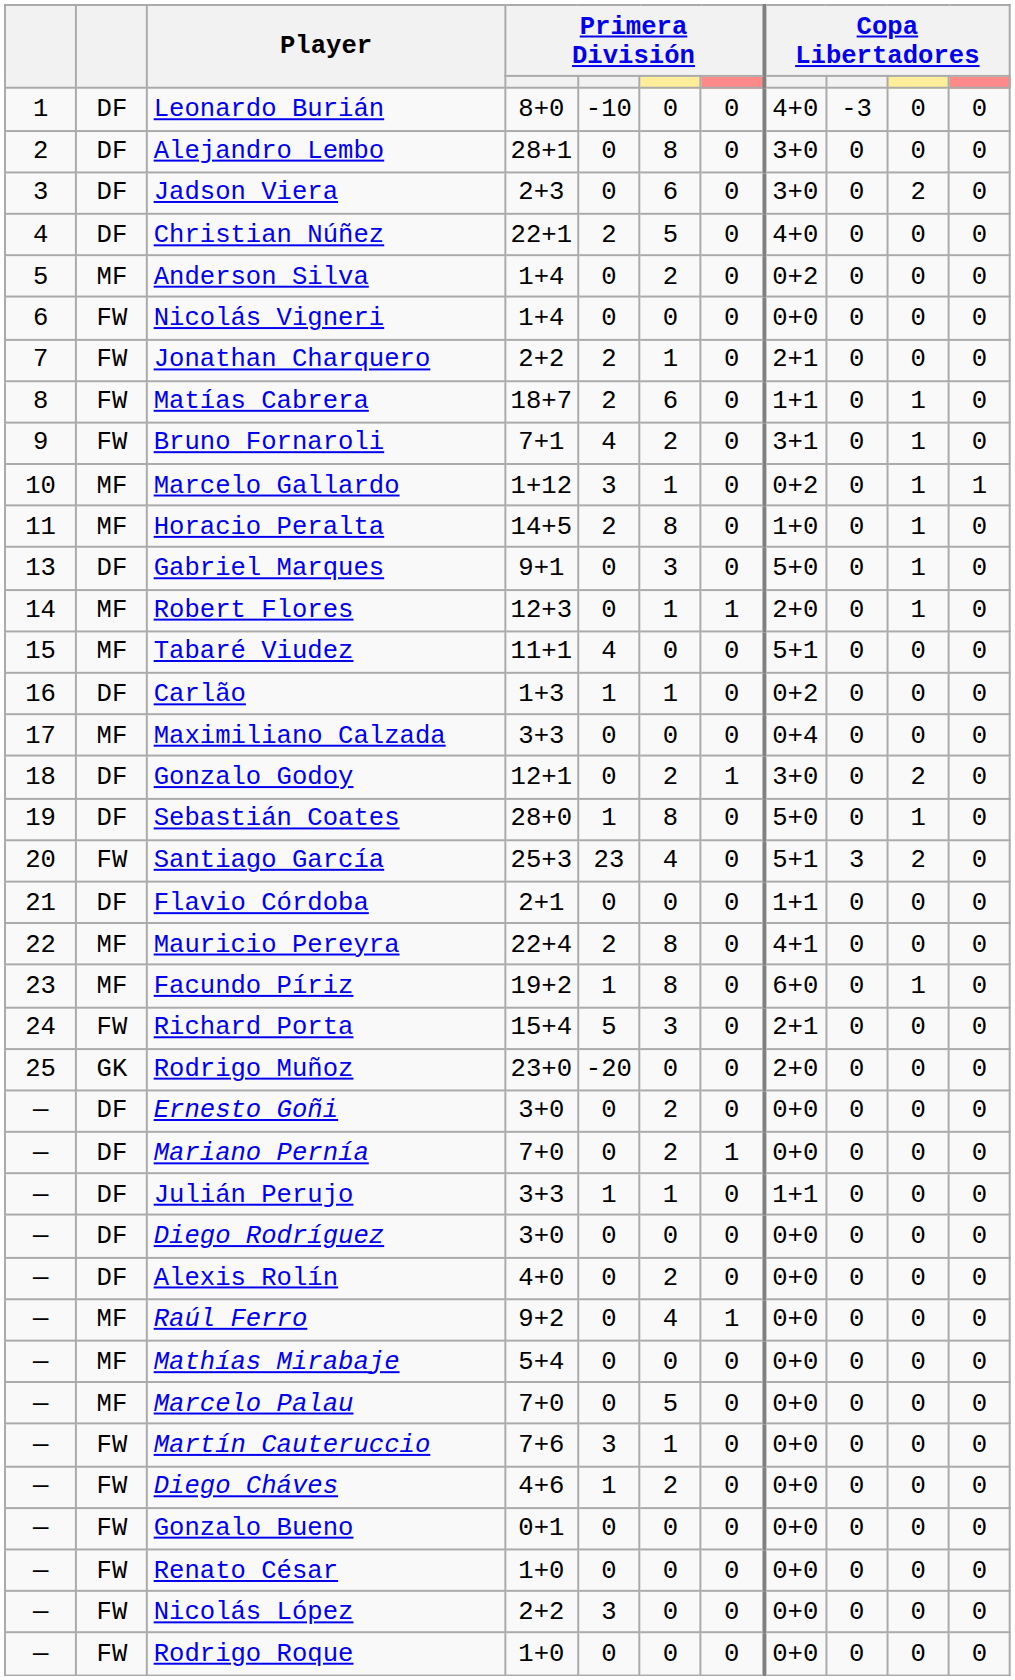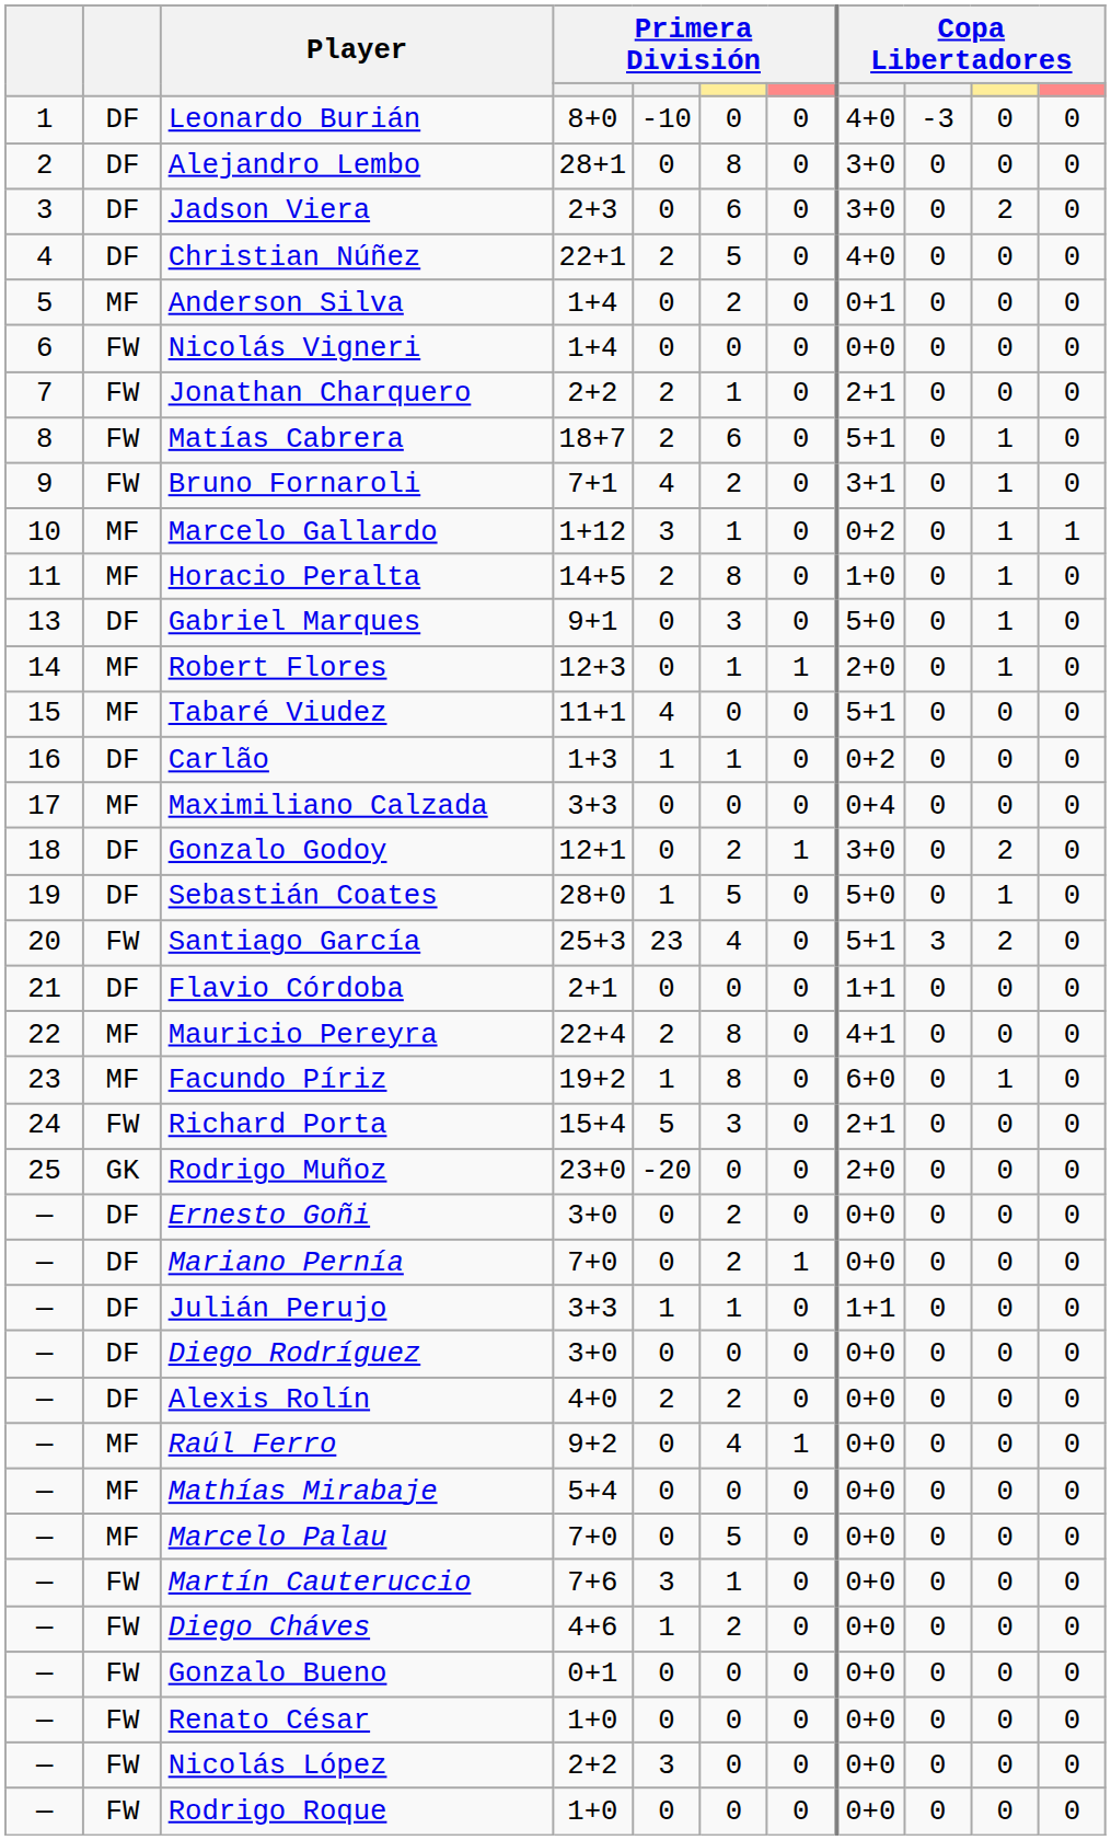 <table class="wikitable" style="text-align: center">
 <tr>
 <th rowspan="2" width=30></th>
 <th rowspan="2" width=30></th>
 <th rowspan="2" width=175>Player</th>
 <th colspan="4" style="border-right:2px solid grey;"><a href='#'>Primera<br>División</a></th>
 <th colspan="4"><a href='#'>Copa<br>Libertadores</a></th>
 </tr>
 <tr>
 <th width=25 style="background:"></th>
 <th width=25 style="background:"></th>
 <th width=25 style="background: #FFEE99"></th>
 <th width=25 style="border-right:2px solid grey; background:#FF8888"></th>
 <th width=25 style="background:"></th>
 <th width=25 style="background:"></th>
 <th width=25 style="background: #FFEE99"></th>
 <th width=25 style="background: #FF8888"></th>
 </tr>
 <tr>
 <td>1</td>
 <td>DF</td>
 <td align=left><a href='#'>Leonardo Burián</a></td>
 <td>8+0</td>
 <td>-10</td>
 <td>0</td>
 <td>0</td>
 <td style="border-left:2px solid grey">4+0</td>
 <td>-3</td>
 <td>0</td>
 <td>0</td>
 </tr>
 <tr>
 <td>2</td>
 <td>DF</td>
 <td align=left><a href='#'>Alejandro Lembo</a></td>
 <td>28+1</td>
 <td>0</td>
 <td>8</td>
 <td>0</td>
 <td style="border-left:2px solid grey">3+0</td>
 <td>0</td>
 <td>0</td>
 <td>0</td>
 </tr>
 <tr>
 <td>3</td>
 <td>DF</td>
 <td align=left><a href='#'>Jadson Viera</a></td>
 <td>2+3</td>
 <td>0</td>
 <td>6</td>
 <td>0</td>
 <td style="border-left:2px solid grey">3+0</td>
 <td>0</td>
 <td>2</td>
 <td>0</td>
 </tr>
 <tr>
 <td>4</td>
 <td>DF</td>
 <td align=left><a href='#'>Christian Núñez</a></td>
 <td>22+1</td>
 <td>2</td>
 <td>5</td>
 <td>0</td>
 <td style="border-left:2px solid grey">4+0</td>
 <td>0</td>
 <td>0</td>
 <td>0</td>
 </tr>
 <tr>
 <td>5</td>
 <td>MF</td>
 <td align=left><a href='#'>Anderson Silva</a></td>
 <td>1+4</td>
 <td>0</td>
 <td>2</td>
 <td>0</td>
-<td style="border-left:2px solid grey">0+2</td>
+<td style="border-left:2px solid grey">0+1</td>
 <td>0</td>
 <td>0</td>
 <td>0</td>
 </tr>
 <tr>
 <td>6</td>
 <td>FW</td>
 <td align=left><a href='#'>Nicolás Vigneri</a></td>
 <td>1+4</td>
 <td>0</td>
 <td>0</td>
 <td>0</td>
 <td style="border-left:2px solid grey">0+0</td>
 <td>0</td>
 <td>0</td>
 <td>0</td>
 </tr>
 <tr>
 <td>7</td>
 <td>FW</td>
 <td align=left><a href='#'>Jonathan Charquero</a></td>
 <td>2+2</td>
 <td>2</td>
 <td>1</td>
 <td>0</td>
 <td style="border-left:2px solid grey">2+1</td>
 <td>0</td>
 <td>0</td>
 <td>0</td>
 </tr>
 <tr>
 <td>8</td>
 <td>FW</td>
 <td align=left><a href='#'>Matías Cabrera</a></td>
 <td>18+7</td>
 <td>2</td>
 <td>6</td>
 <td>0</td>
-<td style="border-left:2px solid grey">1+1</td>
+<td style="border-left:2px solid grey">5+1</td>
 <td>0</td>
 <td>1</td>
 <td>0</td>
 </tr>
 <tr>
 <td>9</td>
 <td>FW</td>
 <td align=left><a href='#'>Bruno Fornaroli</a></td>
 <td>7+1</td>
 <td>4</td>
 <td>2</td>
 <td>0</td>
 <td style="border-left:2px solid grey">3+1</td>
 <td>0</td>
 <td>1</td>
 <td>0</td>
 </tr>
 <tr>
 <td>10</td>
 <td>MF</td>
 <td align=left><a href='#'>Marcelo Gallardo</a></td>
 <td>1+12</td>
 <td>3</td>
 <td>1</td>
 <td>0</td>
 <td style="border-left:2px solid grey">0+2</td>
 <td>0</td>
 <td>1</td>
 <td>1</td>
 </tr>
 <tr>
 <td>11</td>
 <td>MF</td>
 <td align=left><a href='#'>Horacio Peralta</a></td>
 <td>14+5</td>
 <td>2</td>
 <td>8</td>
 <td>0</td>
 <td style="border-left:2px solid grey">1+0</td>
 <td>0</td>
 <td>1</td>
 <td>0</td>
 </tr>
 <tr>
 <td>13</td>
 <td>DF</td>
 <td align=left><a href='#'>Gabriel Marques</a></td>
 <td>9+1</td>
 <td>0</td>
 <td>3</td>
 <td>0</td>
 <td style="border-left:2px solid grey">5+0</td>
 <td>0</td>
 <td>1</td>
 <td>0</td>
 </tr>
 <tr>
 <td>14</td>
 <td>MF</td>
 <td align=left><a href='#'>Robert Flores</a></td>
 <td>12+3</td>
 <td>0</td>
 <td>1</td>
 <td>1</td>
 <td style="border-left:2px solid grey">2+0</td>
 <td>0</td>
 <td>1</td>
 <td>0</td>
 </tr>
 <tr>
 <td>15</td>
 <td>MF</td>
 <td align=left><a href='#'>Tabaré Viudez</a></td>
 <td>11+1</td>
 <td>4</td>
 <td>0</td>
 <td>0</td>
 <td style="border-left:2px solid grey">5+1</td>
 <td>0</td>
 <td>0</td>
 <td>0</td>
 </tr>
 <tr>
 <td>16</td>
 <td>DF</td>
 <td align=left><a href='#'>Carlão</a></td>
 <td>1+3</td>
 <td>1</td>
 <td>1</td>
 <td>0</td>
 <td style="border-left:2px solid grey">0+2</td>
 <td>0</td>
 <td>0</td>
 <td>0</td>
 </tr>
 <tr>
 <td>17</td>
 <td>MF</td>
 <td align=left><a href='#'>Maximiliano Calzada</a></td>
 <td>3+3</td>
 <td>0</td>
 <td>0</td>
 <td>0</td>
 <td style="border-left:2px solid grey">0+4</td>
 <td>0</td>
 <td>0</td>
 <td>0</td>
 </tr>
 <tr>
 <td>18</td>
 <td>DF</td>
 <td align=left><a href='#'>Gonzalo Godoy</a></td>
 <td>12+1</td>
 <td>0</td>
 <td>2</td>
 <td>1</td>
 <td style="border-left:2px solid grey">3+0</td>
 <td>0</td>
 <td>2</td>
 <td>0</td>
 </tr>
 <tr>
 <td>19</td>
 <td>DF</td>
 <td align=left><a href='#'>Sebastián Coates</a></td>
 <td>28+0</td>
 <td>1</td>
-<td>8</td>
+<td>5</td>
 <td>0</td>
 <td style="border-left:2px solid grey">5+0</td>
 <td>0</td>
 <td>1</td>
 <td>0</td>
 </tr>
 <tr>
 <td>20</td>
 <td>FW</td>
 <td align=left><a href='#'>Santiago García</a></td>
 <td>25+3</td>
 <td>23</td>
 <td>4</td>
 <td>0</td>
 <td style="border-left:2px solid grey">5+1</td>
 <td>3</td>
 <td>2</td>
 <td>0</td>
 </tr>
 <tr>
 <td>21</td>
 <td>DF</td>
 <td align=left><a href='#'>Flavio Córdoba</a></td>
 <td>2+1</td>
 <td>0</td>
 <td>0</td>
 <td>0</td>
 <td style="border-left:2px solid grey">1+1</td>
 <td>0</td>
 <td>0</td>
 <td>0</td>
 </tr>
 <tr>
 <td>22</td>
 <td>MF</td>
 <td align=left><a href='#'>Mauricio Pereyra</a></td>
 <td>22+4</td>
 <td>2</td>
 <td>8</td>
 <td>0</td>
 <td style="border-left:2px solid grey">4+1</td>
 <td>0</td>
 <td>0</td>
 <td>0</td>
 </tr>
 <tr>
 <td>23</td>
 <td>MF</td>
 <td align=left><a href='#'>Facundo Píriz</a></td>
 <td>19+2</td>
 <td>1</td>
 <td>8</td>
 <td>0</td>
 <td style="border-left:2px solid grey">6+0</td>
 <td>0</td>
 <td>1</td>
 <td>0</td>
 </tr>
 <tr>
 <td>24</td>
 <td>FW</td>
 <td align=left><a href='#'>Richard Porta</a></td>
 <td>15+4</td>
 <td>5</td>
 <td>3</td>
 <td>0</td>
 <td style="border-left:2px solid grey">2+1</td>
 <td>0</td>
 <td>0</td>
 <td>0</td>
 </tr>
 <tr>
 <td>25</td>
 <td>GK</td>
 <td align=left><a href='#'>Rodrigo Muñoz</a></td>
 <td>23+0</td>
 <td>-20</td>
 <td>0</td>
 <td>0</td>
 <td style="border-left:2px solid grey">2+0</td>
 <td>0</td>
 <td>0</td>
 <td>0</td>
 </tr>
 <tr>
 <td>—</td>
 <td>DF</td>
 <td align=left><em><a href='#'>Ernesto Goñi</a></em></td>
 <td>3+0</td>
 <td>0</td>
 <td>2</td>
 <td>0</td>
 <td style="border-left:2px solid grey">0+0</td>
 <td>0</td>
 <td>0</td>
 <td>0</td>
 </tr>
 <tr>
 <td>—</td>
 <td>DF</td>
 <td align=left><em><a href='#'>Mariano Pernía</a></em></td>
 <td>7+0</td>
 <td>0</td>
 <td>2</td>
 <td>1</td>
 <td style="border-left:2px solid grey">0+0</td>
 <td>0</td>
 <td>0</td>
 <td>0</td>
 </tr>
 <tr>
 <td>—</td>
 <td>DF</td>
 <td align=left><a href='#'>Julián Perujo</a></td>
 <td>3+3</td>
 <td>1</td>
 <td>1</td>
 <td>0</td>
 <td style="border-left:2px solid grey">1+1</td>
 <td>0</td>
 <td>0</td>
 <td>0</td>
 </tr>
 <tr>
 <td>—</td>
 <td>DF</td>
 <td align=left><em><a href='#'>Diego Rodríguez</a></em></td>
 <td>3+0</td>
 <td>0</td>
 <td>0</td>
 <td>0</td>
 <td style="border-left:2px solid grey">0+0</td>
 <td>0</td>
 <td>0</td>
 <td>0</td>
 </tr>
 <tr>
 <td>—</td>
 <td>DF</td>
 <td align=left><a href='#'>Alexis Rolín</a></td>
 <td>4+0</td>
-<td>0</td>
+<td>2</td>
 <td>2</td>
 <td>0</td>
 <td style="border-left:2px solid grey">0+0</td>
 <td>0</td>
 <td>0</td>
 <td>0</td>
 </tr>
 <tr>
 <td>—</td>
 <td>MF</td>
 <td align=left><em><a href='#'>Raúl Ferro</a></em></td>
 <td>9+2</td>
 <td>0</td>
 <td>4</td>
 <td>1</td>
 <td style="border-left:2px solid grey">0+0</td>
 <td>0</td>
 <td>0</td>
 <td>0</td>
 </tr>
 <tr>
 <td>—</td>
 <td>MF</td>
 <td align=left><em><a href='#'>Mathías Mirabaje</a></em></td>
 <td>5+4</td>
 <td>0</td>
 <td>0</td>
 <td>0</td>
 <td style="border-left:2px solid grey">0+0</td>
 <td>0</td>
 <td>0</td>
 <td>0</td>
 </tr>
 <tr>
 <td>—</td>
 <td>MF</td>
 <td align=left><em><a href='#'>Marcelo Palau</a></em></td>
 <td>7+0</td>
 <td>0</td>
 <td>5</td>
 <td>0</td>
 <td style="border-left:2px solid grey">0+0</td>
 <td>0</td>
 <td>0</td>
 <td>0</td>
 </tr>
 <tr>
 <td>—</td>
 <td>FW</td>
 <td align=left><em><a href='#'>Martín Cauteruccio</a></em></td>
 <td>7+6</td>
 <td>3</td>
 <td>1</td>
 <td>0</td>
 <td style="border-left:2px solid grey">0+0</td>
 <td>0</td>
 <td>0</td>
 <td>0</td>
 </tr>
 <tr>
 <td>—</td>
 <td>FW</td>
 <td align=left><em><a href='#'>Diego Cháves</a></em></td>
 <td>4+6</td>
 <td>1</td>
 <td>2</td>
 <td>0</td>
 <td style="border-left:2px solid grey">0+0</td>
 <td>0</td>
 <td>0</td>
 <td>0</td>
 </tr>
 <tr>
 <td>—</td>
 <td>FW</td>
 <td align=left><a href='#'>Gonzalo Bueno</a></td>
 <td>0+1</td>
 <td>0</td>
 <td>0</td>
 <td>0</td>
 <td style="border-left:2px solid grey">0+0</td>
 <td>0</td>
 <td>0</td>
 <td>0</td>
 </tr>
 <tr>
 <td>—</td>
 <td>FW</td>
 <td align=left><a href='#'>Renato César</a></td>
 <td>1+0</td>
 <td>0</td>
 <td>0</td>
 <td>0</td>
 <td style="border-left:2px solid grey">0+0</td>
 <td>0</td>
 <td>0</td>
 <td>0</td>
 </tr>
 <tr>
 <td>—</td>
 <td>FW</td>
 <td align=left><a href='#'>Nicolás López</a></td>
 <td>2+2</td>
 <td>3</td>
 <td>0</td>
 <td>0</td>
 <td style="border-left:2px solid grey">0+0</td>
 <td>0</td>
 <td>0</td>
 <td>0</td>
 </tr>
 <tr>
 <td>—</td>
 <td>FW</td>
 <td align=left><a href='#'>Rodrigo Roque</a></td>
 <td>1+0</td>
 <td>0</td>
 <td>0</td>
 <td>0</td>
 <td style="border-left:2px solid grey">0+0</td>
 <td>0</td>
 <td>0</td>
 <td>0</td>
 </tr>
 </table>
